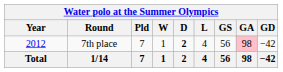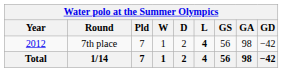 <table class="wikitable" width=50% style="text-align: center;font-size:100%;">
 <tr>
 <th colspan=10><a href='#'>Water polo at the Summer Olympics</a></th>
 </tr>
 <tr>
 <th width=25%>Year</th>
 <th width=25%>Round</th>
 <th width=8%>Pld</th>
 <th width=8%>W</th>
 <th width=8%>D</th>
 <th width=8%>L</th>
 <th width=8%>GS</th>
 <th width=8%>GA</th>
 <th width=10%>GD</th>
 </tr>
 <tr>
 <td><a href='#'>2012</a></td>
 <td>7th place</td>
 <td>7</td>
 <td>1</td>
-<td><strong>2</strong></td>
-<td>4</td>
+<td>2</td>
+<td><strong>4</strong></td>
 <td>56</td>
-<td style="background: pink;">98</td>
+<td>98</td>
 <td>−42</td>
 </tr>
 <tr>
 <th>Total</th>
 <th>1/14</th>
 <th>7</th>
 <th>1</th>
 <th>2</th>
 <th>4</th>
 <th>56</th>
 <th>98</th>
 <th>−42</th>
 </tr>
 </table>
